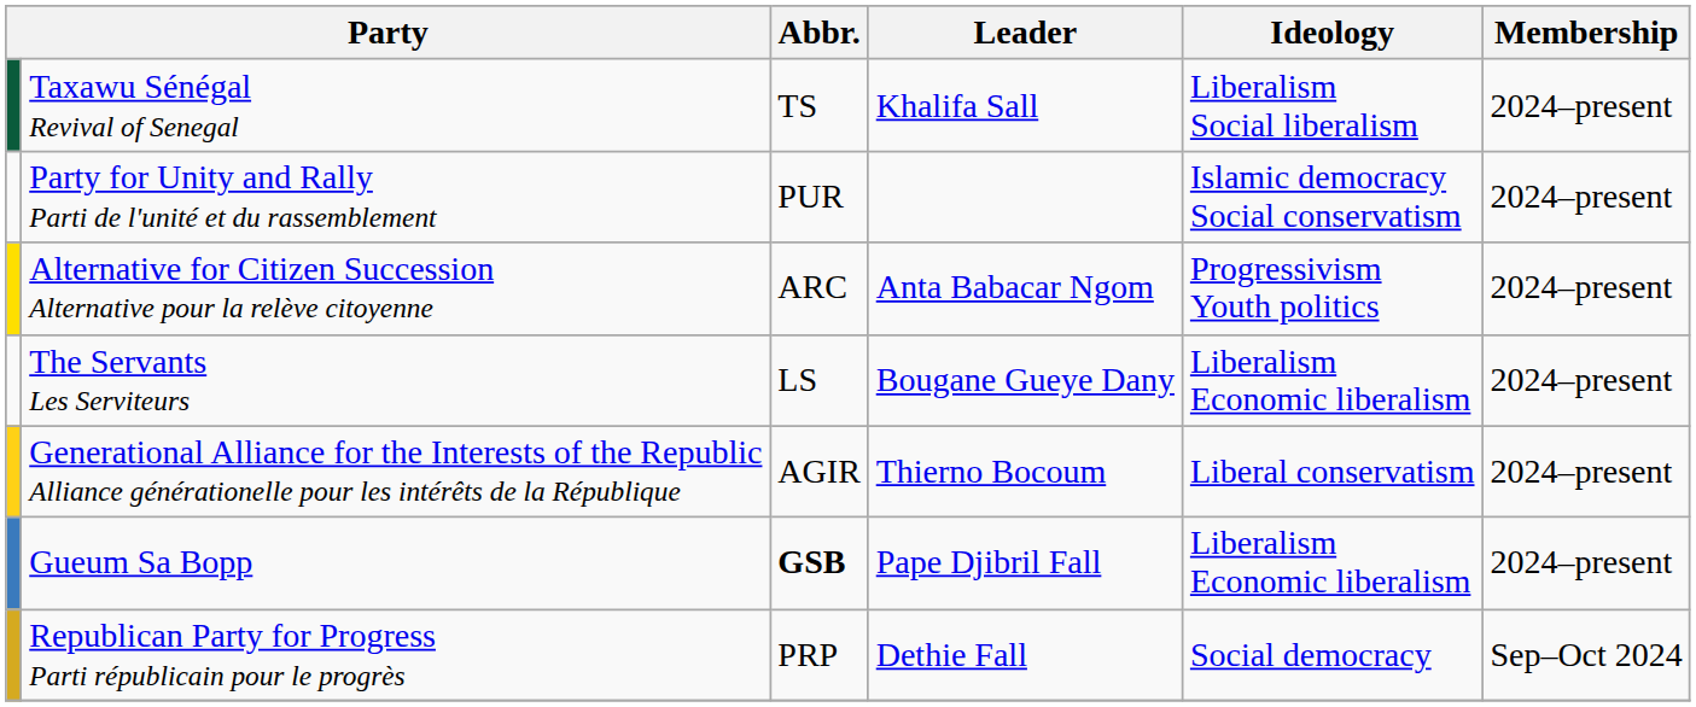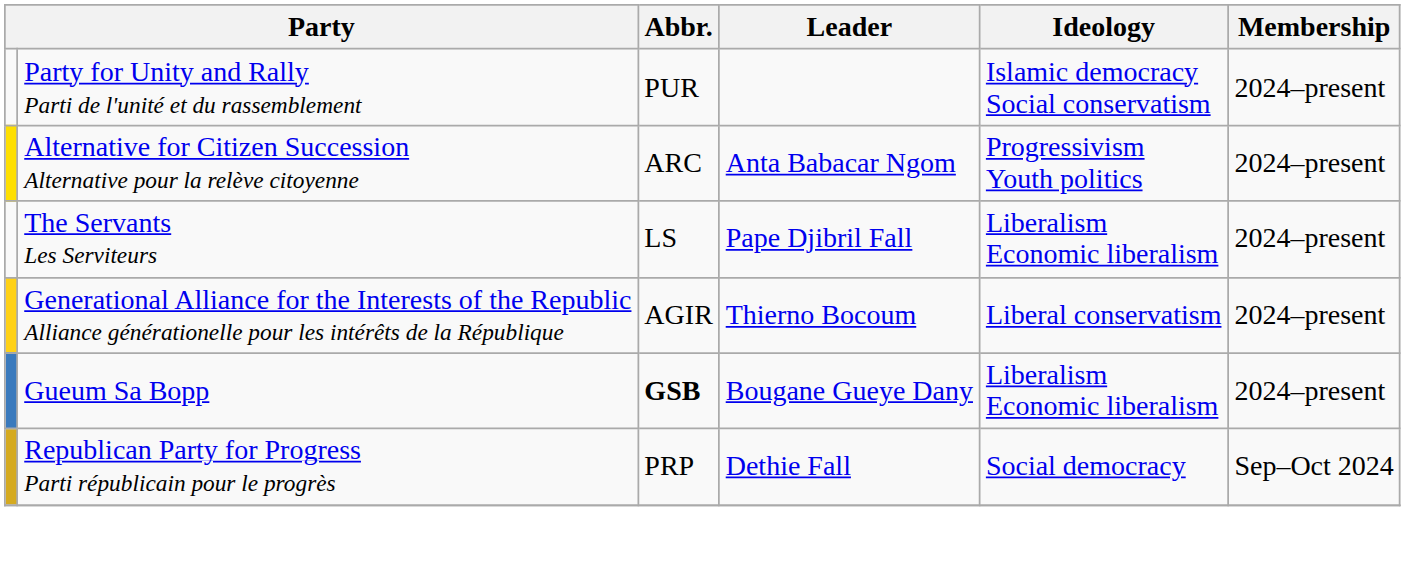 <table class=wikitable>
 <tr>
 <th colspan="2">Party</th>
 <th>Abbr.</th>
 <th>Leader</th>
 <th>Ideology</th>
 <th>Membership</th>
-</tr>
-<tr>
-<td bgcolor=#0A5B3B></td>
-<td><a href='#'>Taxawu Sénégal</a><br><small><em>Revival of Senegal</em></small></td>
-<td>TS</td>
-<td><a href='#'>Khalifa Sall</a></td>
-<td><a href='#'>Liberalism</a><br><a href='#'>Social liberalism</a></td>
-<td>2024–present</td>
 </tr>
 <tr>
 <td bgcolor=></td>
 <td><a href='#'>Party for Unity and Rally</a><br><small><em>Parti de l'unité et du rassemblement</em></small></td>
 <td>PUR</td>
 <td></td>
 <td><a href='#'>Islamic democracy</a><br><a href='#'>Social conservatism</a></td>
 <td>2024–present</td>
 </tr>
 <tr>
 <td bgcolor=#FEDF00></td>
 <td><a href='#'>Alternative for Citizen Succession</a><br><small><em>Alternative pour la relève citoyenne</em></small></td>
 <td>ARC</td>
 <td><a href='#'>Anta Babacar Ngom</a></td>
 <td><a href='#'>Progressivism</a><br><a href='#'>Youth politics</a></td>
 <td>2024–present</td>
 </tr>
 <tr>
 <td></td>
 <td><a href='#'>The Servants</a><br><small><em>Les Serviteurs</em></small></td>
 <td>LS</td>
-<td><a href='#'>Bougane Gueye Dany</a></td>
+<td><a href='#'>Pape Djibril Fall</a></td>
 <td><a href='#'>Liberalism</a><br><a href='#'>Economic liberalism</a></td>
 <td>2024–present</td>
 </tr>
 <tr>
 <td bgcolor="#FFD116"></td>
 <td><a href='#'>Generational Alliance for the Interests of the Republic</a><br><small><em>Alliance générationelle pour les intérêts de la République</em></small></td>
 <td>AGIR</td>
 <td><a href='#'>Thierno Bocoum</a></td>
 <td><a href='#'>Liberal conservatism</a></td>
 <td>2024–present</td>
 </tr>
 <tr>
 <td bgcolor="#3A7ABD"></td>
 <td><a href='#'>Gueum Sa Bopp</a></td>
 <td><strong>GSB</strong></td>
-<td><a href='#'>Pape Djibril Fall</a></td>
+<td><a href='#'>Bougane Gueye Dany</a></td>
 <td><a href='#'>Liberalism</a><br><a href='#'>Economic liberalism</a></td>
 <td>2024–present</td>
 </tr>
 <tr>
 <td bgcolor=#D5AA20></td>
 <td><a href='#'>Republican Party for Progress</a><br><small><em>Parti républicain pour le progrès </em></small></td>
 <td>PRP</td>
 <td><a href='#'>Dethie Fall</a></td>
 <td><a href='#'>Social democracy</a></td>
 <td>Sep–Oct 2024</td>
 </tr>
 <tr>
 </tr>
 </table>
